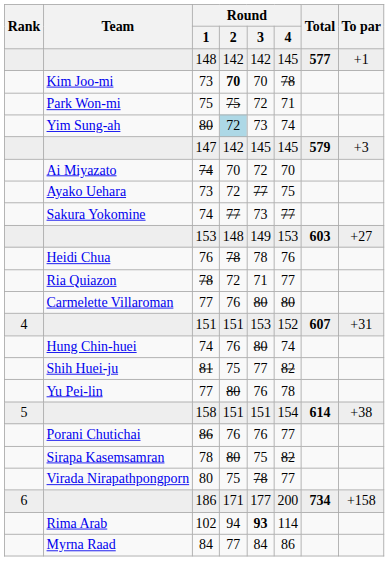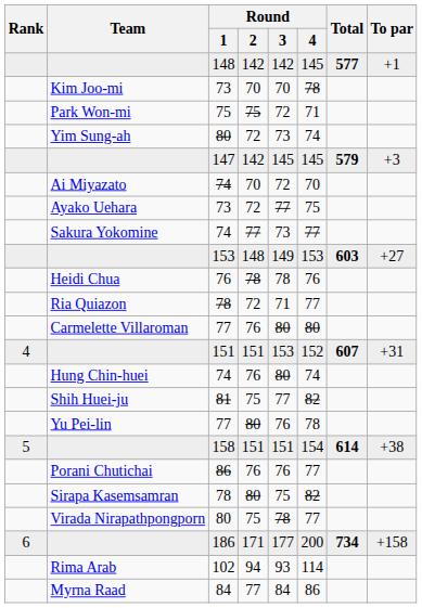 <table class=wikitable style="text-align:center">
 <tr>
 <th rowspan="2">Rank</th>
 <th rowspan="2">Team</th>
 <th colspan="4">Round</th>
 <th rowspan="2">Total</th>
 <th rowspan="2">To par</th>
 </tr>
 <tr>
 <th>1</th>
 <th>2</th>
 <th>3</th>
 <th>4</th>
 </tr>
 <tr style="background:#eeeeee;">
 <td></td>
 <td align=left></td>
 <td>148</td>
 <td>142</td>
 <td>142</td>
 <td>145</td>
 <td><strong>577</strong></td>
 <td>+1</td>
 </tr>
 <tr>
 <td></td>
 <td align=left><a href='#'>Kim Joo-mi</a></td>
 <td>73</td>
-<td><strong>70</strong></td>
+<td>70</td>
 <td>70</td>
 <td><s>78</s></td>
 <td></td>
 <td></td>
 </tr>
 <tr>
 <td></td>
 <td align=left><a href='#'>Park Won-mi</a></td>
 <td>75</td>
 <td><s>75</s></td>
 <td>72</td>
 <td>71</td>
 <td></td>
 <td></td>
 </tr>
 <tr>
 <td></td>
 <td align=left><a href='#'>Yim Sung-ah</a></td>
 <td><s>80</s></td>
-<td style="background: lightblue;">72</td>
+<td>72</td>
 <td>73</td>
 <td>74</td>
 <td></td>
 <td></td>
 </tr>
 <tr style="background:#eeeeee;">
 <td></td>
 <td align=left></td>
 <td>147</td>
 <td>142</td>
 <td>145</td>
 <td>145</td>
 <td><strong>579</strong></td>
 <td>+3</td>
 </tr>
 <tr>
 <td></td>
 <td align=left><a href='#'>Ai Miyazato</a></td>
 <td><s>74</s></td>
 <td>70</td>
 <td>72</td>
 <td>70</td>
 <td></td>
 <td></td>
 </tr>
 <tr>
 <td></td>
 <td align=left><a href='#'>Ayako Uehara</a></td>
 <td>73</td>
 <td>72</td>
 <td><s>77</s></td>
 <td>75</td>
 <td></td>
 <td></td>
 </tr>
 <tr>
 <td></td>
 <td align=left><a href='#'>Sakura Yokomine</a></td>
 <td>74</td>
 <td><s>77</s></td>
 <td>73</td>
 <td><s>77</s></td>
 <td></td>
 <td></td>
 </tr>
 <tr style="background:#eeeeee;">
 <td></td>
 <td align=left></td>
 <td>153</td>
 <td>148</td>
 <td>149</td>
 <td>153</td>
 <td><strong>603</strong></td>
 <td>+27</td>
 </tr>
 <tr>
 <td></td>
 <td align=left><a href='#'>Heidi Chua</a></td>
 <td>76</td>
 <td><s>78</s></td>
 <td>78</td>
 <td>76</td>
 <td></td>
 <td></td>
 </tr>
 <tr>
 <td></td>
 <td align=left><a href='#'>Ria Quiazon</a></td>
 <td><s>78</s></td>
 <td>72</td>
 <td>71</td>
 <td>77</td>
 <td></td>
 <td></td>
 </tr>
 <tr>
 <td></td>
 <td align=left><a href='#'>Carmelette Villaroman</a></td>
 <td>77</td>
 <td>76</td>
 <td><s>80</s></td>
 <td><s>80</s></td>
 <td></td>
 <td></td>
 </tr>
 <tr style="background:#eeeeee;">
 <td>4</td>
 <td align=left></td>
 <td>151</td>
 <td>151</td>
 <td>153</td>
 <td>152</td>
 <td><strong>607</strong></td>
 <td>+31</td>
 </tr>
 <tr>
 <td></td>
 <td align=left><a href='#'>Hung Chin-huei</a></td>
 <td>74</td>
 <td>76</td>
 <td><s>80</s></td>
 <td>74</td>
 <td></td>
 <td></td>
 </tr>
 <tr>
 <td></td>
 <td align=left><a href='#'>Shih Huei-ju</a></td>
 <td><s>81</s></td>
 <td>75</td>
 <td>77</td>
 <td><s>82</s></td>
 <td></td>
 <td></td>
 </tr>
 <tr>
 <td></td>
 <td align=left><a href='#'>Yu Pei-lin</a></td>
 <td>77</td>
 <td><s>80</s></td>
 <td>76</td>
 <td>78</td>
 <td></td>
 <td></td>
 </tr>
 <tr style="background:#eeeeee;">
 <td>5</td>
 <td align=left></td>
 <td>158</td>
 <td>151</td>
 <td>151</td>
 <td>154</td>
 <td><strong>614</strong></td>
 <td>+38</td>
 </tr>
 <tr>
 <td></td>
 <td align=left><a href='#'>Porani Chutichai</a></td>
 <td><s>86</s></td>
 <td>76</td>
 <td>76</td>
 <td>77</td>
 <td></td>
 <td></td>
 </tr>
 <tr>
 <td></td>
 <td align=left><a href='#'>Sirapa Kasemsamran</a></td>
 <td>78</td>
 <td><s>80</s></td>
 <td>75</td>
 <td><s>82</s></td>
 <td></td>
 <td></td>
 </tr>
 <tr>
 <td></td>
 <td align=left><a href='#'>Virada Nirapathpongporn</a></td>
 <td>80</td>
 <td>75</td>
 <td><s>78</s></td>
 <td>77</td>
 <td></td>
 <td></td>
 </tr>
 <tr style="background:#eeeeee;">
 <td>6</td>
 <td align=left></td>
 <td>186</td>
 <td>171</td>
 <td>177</td>
 <td>200</td>
 <td><strong>734</strong></td>
 <td>+158</td>
 </tr>
 <tr>
 <td></td>
 <td align=left><a href='#'>Rima Arab</a></td>
 <td>102</td>
 <td>94</td>
-<td><strong>93</strong></td>
+<td>93</td>
 <td>114</td>
 <td></td>
 <td></td>
 </tr>
 <tr>
 <td></td>
 <td align=left><a href='#'>Myrna Raad</a></td>
 <td>84</td>
 <td>77</td>
 <td>84</td>
 <td>86</td>
 <td></td>
 <td></td>
 </tr>
 </table>
